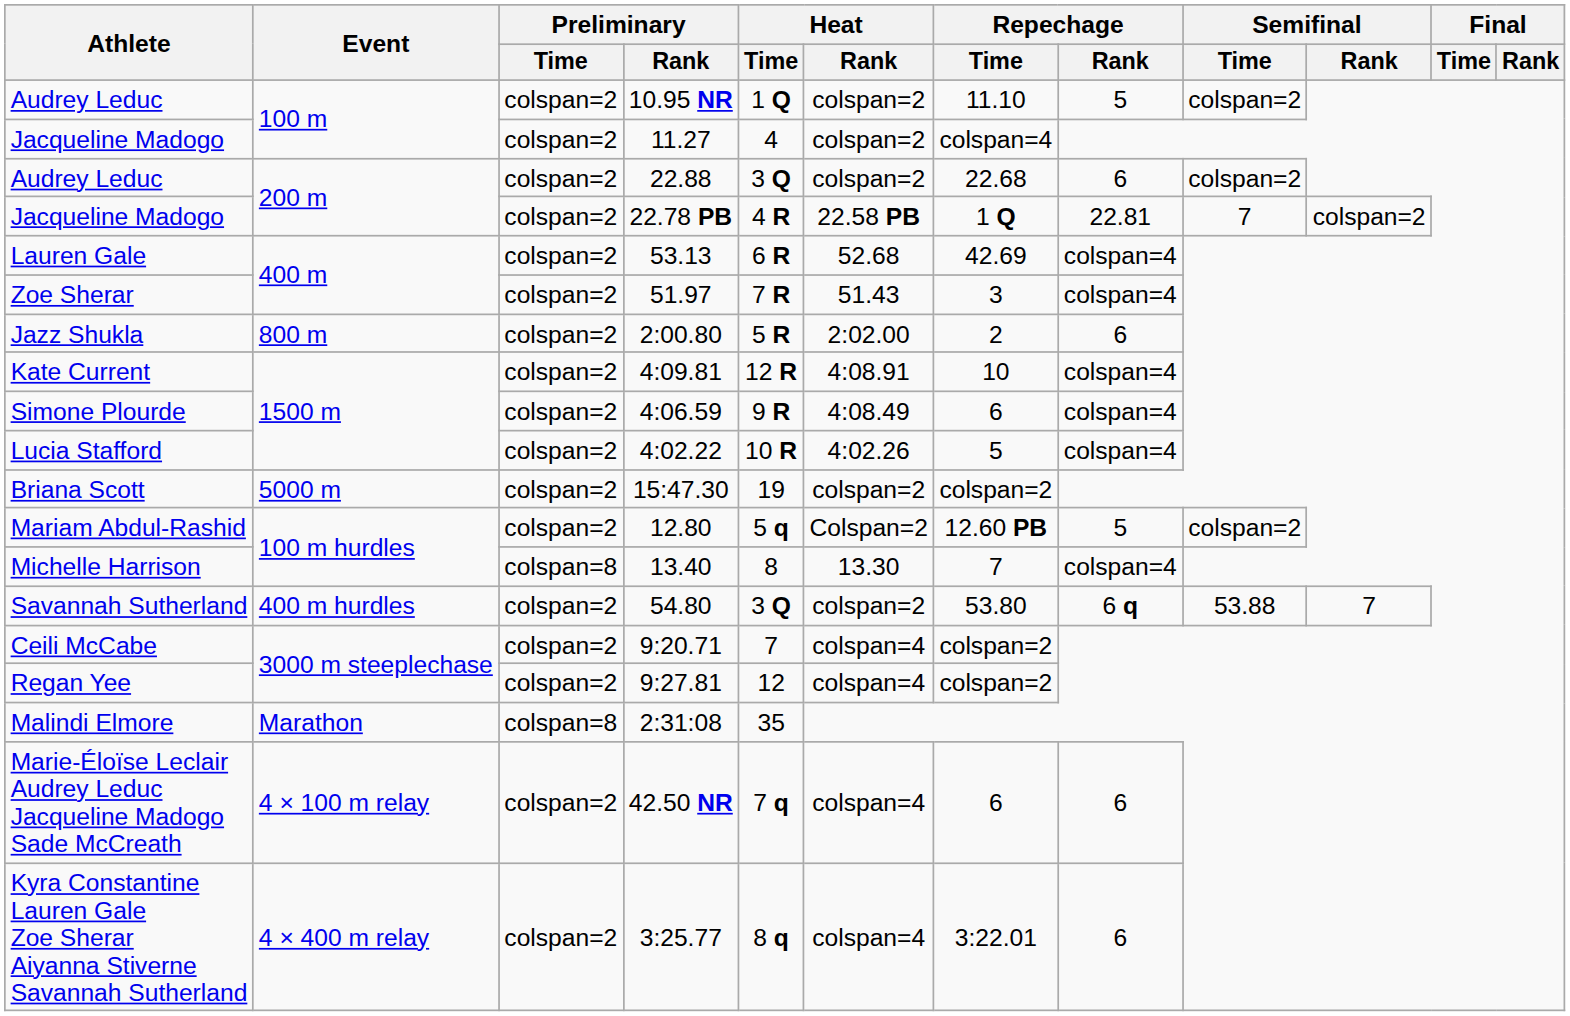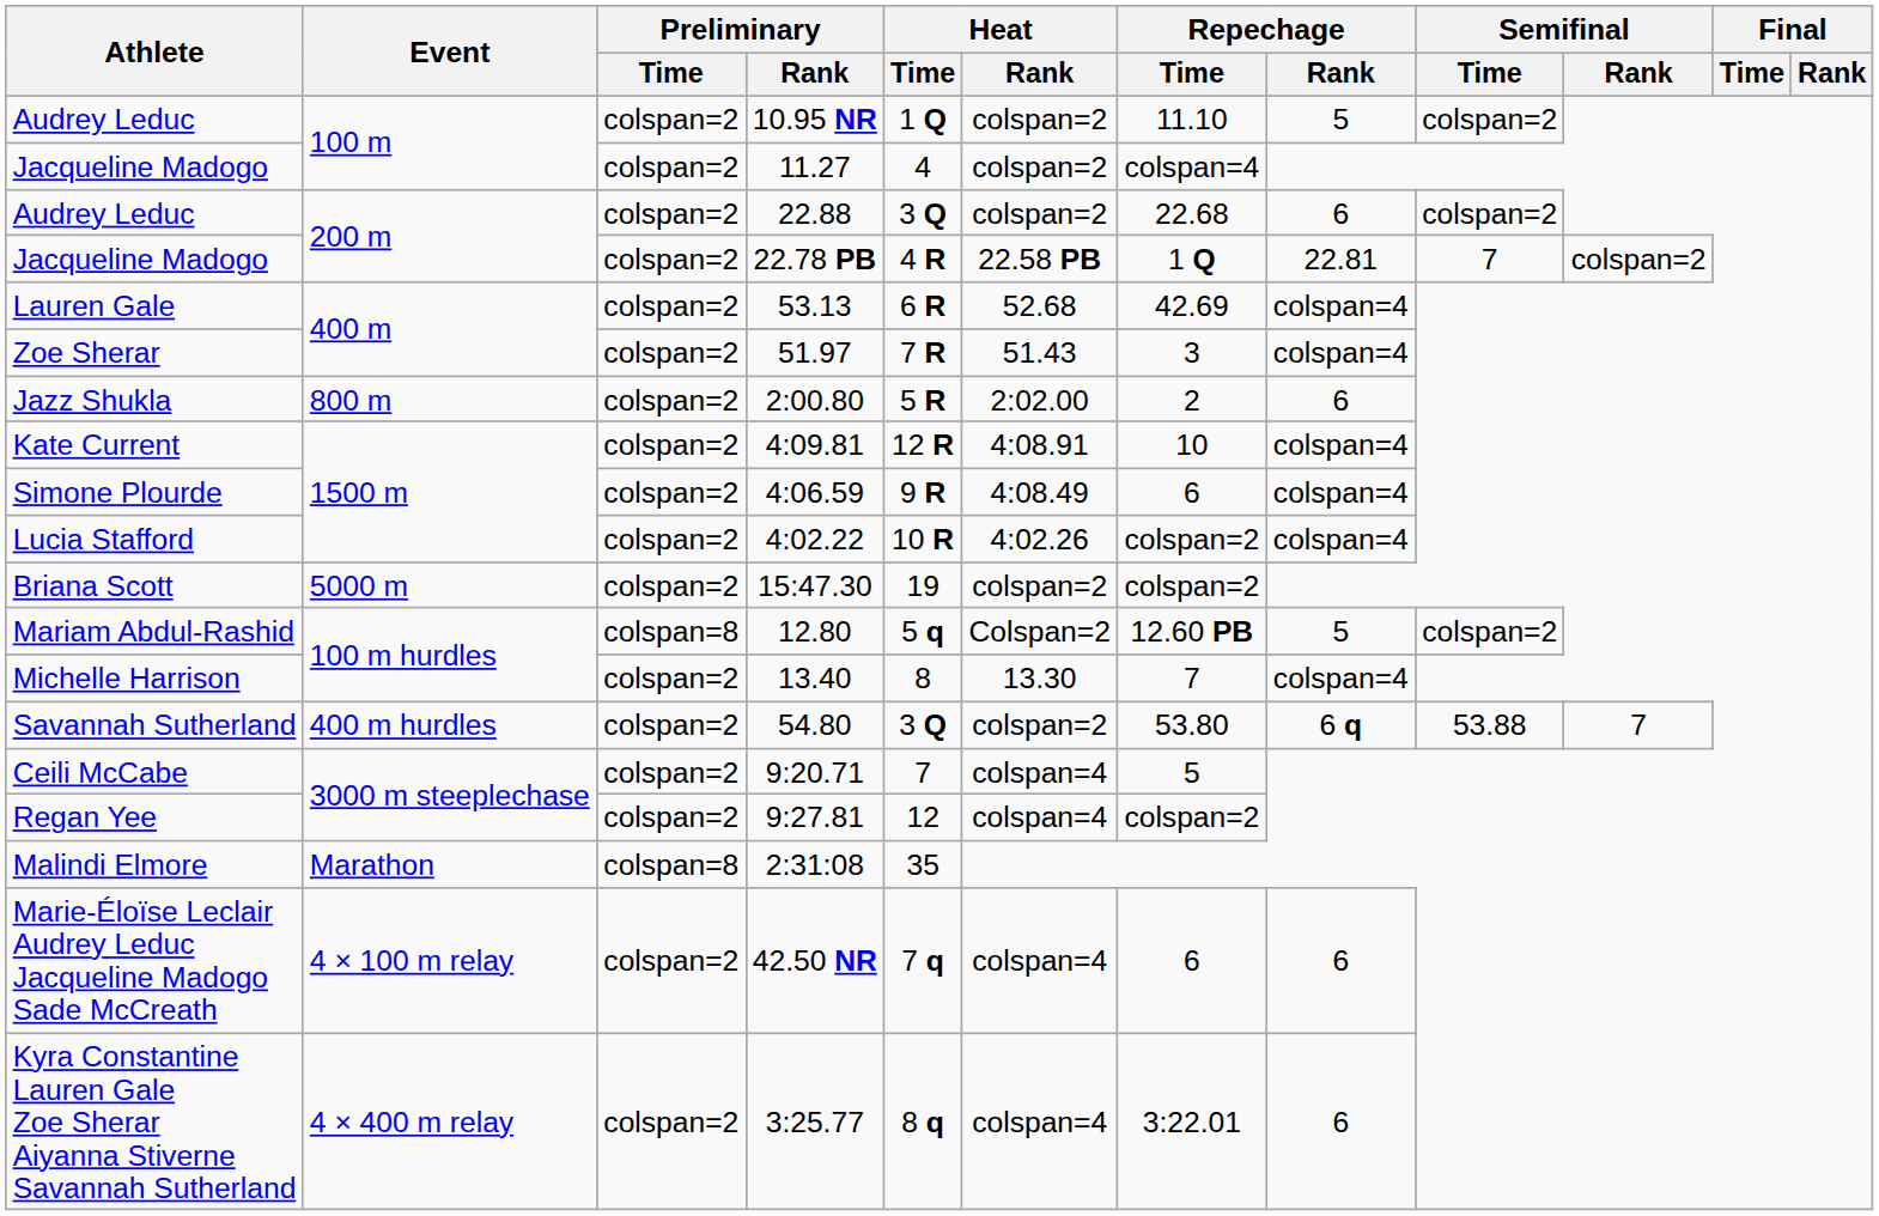 <table class=wikitable style="font-size:90%">
 <tr>
 <th rowspan=2>Athlete</th>
 <th rowspan=2>Event</th>
 <th colspan=2>Preliminary</th>
 <th colspan=2>Heat</th>
 <th colspan=2>Repechage</th>
 <th colspan=2>Semifinal</th>
 <th colspan=2>Final</th>
 </tr>
 <tr style=font-size:95%>
 <th>Time</th>
 <th>Rank</th>
 <th>Time</th>
 <th>Rank</th>
 <th>Time</th>
 <th>Rank</th>
 <th>Time</th>
 <th>Rank</th>
 <th>Time</th>
 <th>Rank</th>
 </tr>
 <tr align=center>
 <td align=left><a href='#'>Audrey Leduc</a></td>
 <td align=left rowspan=2><a href='#'>100 m</a></td>
 <td>colspan=2 </td>
 <td>10.95 <strong><a href='#'>NR</a></strong></td>
 <td>1 <strong>Q</strong></td>
 <td>colspan=2 </td>
 <td>11.10</td>
 <td>5</td>
 <td>colspan=2 </td>
 </tr>
 <tr align=center>
 <td align=left><a href='#'>Jacqueline Madogo</a></td>
 <td>colspan=2 </td>
 <td>11.27</td>
 <td>4</td>
 <td>colspan=2 </td>
 <td>colspan=4 </td>
 </tr>
 <tr align=center>
 <td align=left><a href='#'>Audrey Leduc</a></td>
 <td align=left rowspan=2><a href='#'>200 m</a></td>
 <td>colspan=2 </td>
 <td>22.88</td>
 <td>3 <strong>Q</strong></td>
 <td>colspan=2 </td>
 <td>22.68</td>
 <td>6</td>
 <td>colspan=2 </td>
 </tr>
 <tr align=center>
 <td align=left><a href='#'>Jacqueline Madogo</a></td>
 <td>colspan=2 </td>
 <td>22.78 <strong>PB</strong></td>
 <td>4 <strong>R</strong></td>
 <td>22.58 <strong>PB</strong></td>
 <td>1 <strong>Q</strong></td>
 <td>22.81</td>
 <td>7</td>
 <td>colspan=2 </td>
 </tr>
 <tr align=center>
 <td align=left><a href='#'>Lauren Gale</a></td>
 <td align=left rowspan=2><a href='#'>400 m</a></td>
 <td>colspan=2 </td>
 <td>53.13</td>
 <td>6 <strong>R</strong></td>
 <td>52.68</td>
 <td>42.69</td>
 <td>colspan=4 </td>
 </tr>
 <tr align=center>
 <td align=left><a href='#'>Zoe Sherar</a></td>
 <td>colspan=2 </td>
 <td>51.97</td>
 <td>7 <strong>R</strong></td>
 <td>51.43</td>
 <td>3</td>
 <td>colspan=4 </td>
 </tr>
 <tr align=center>
 <td align=left><a href='#'>Jazz Shukla</a></td>
 <td align=left><a href='#'>800 m</a></td>
 <td>colspan=2 </td>
 <td>2:00.80</td>
 <td>5 <strong>R</strong></td>
 <td>2:02.00</td>
 <td>2</td>
 <td>6</td>
 </tr>
 <tr align=center>
 <td align=left><a href='#'>Kate Current</a></td>
 <td align=left rowspan=3><a href='#'>1500 m</a></td>
 <td>colspan=2 </td>
 <td>4:09.81</td>
 <td>12 <strong>R</strong></td>
 <td>4:08.91</td>
 <td>10</td>
 <td>colspan=4 </td>
 </tr>
 <tr align=center>
 <td align=left><a href='#'>Simone Plourde</a></td>
 <td>colspan=2 </td>
 <td>4:06.59</td>
 <td>9 <strong>R</strong></td>
 <td>4:08.49</td>
 <td>6</td>
 <td>colspan=4 </td>
 </tr>
 <tr align=center>
 <td align=left><a href='#'>Lucia Stafford</a></td>
 <td>colspan=2 </td>
 <td>4:02.22</td>
 <td>10 <strong>R</strong></td>
 <td>4:02.26</td>
-<td>5</td>
+<td>colspan=2 </td>
 <td>colspan=4 </td>
 </tr>
 <tr align=center>
 <td align=left><a href='#'>Briana Scott</a></td>
 <td align=left><a href='#'>5000 m</a></td>
 <td>colspan=2 </td>
 <td>15:47.30</td>
 <td>19</td>
 <td>colspan=2 </td>
 <td>colspan=2 </td>
 </tr>
 <tr align=center>
 <td align=left><a href='#'>Mariam Abdul-Rashid</a></td>
 <td align=left rowspan=2><a href='#'>100 m hurdles</a></td>
-<td>colspan=2 </td>
+<td>colspan=8 </td>
 <td>12.80</td>
 <td>5 <strong>q</strong></td>
 <td>Colspan=2 </td>
 <td>12.60 <strong>PB</strong></td>
 <td>5</td>
 <td>colspan=2 </td>
 </tr>
 <tr align=center>
 <td align=left><a href='#'>Michelle Harrison</a></td>
-<td>colspan=8 </td>
+<td>colspan=2 </td>
 <td>13.40</td>
 <td>8</td>
 <td>13.30</td>
 <td>7</td>
 <td>colspan=4 </td>
 </tr>
 <tr align=center>
 <td align=left><a href='#'>Savannah Sutherland</a></td>
 <td align=left><a href='#'>400 m hurdles</a></td>
 <td>colspan=2 </td>
 <td>54.80</td>
 <td>3 <strong>Q</strong></td>
 <td>colspan=2 </td>
 <td>53.80</td>
 <td>6 <strong>q</strong></td>
 <td>53.88</td>
 <td>7</td>
 </tr>
 <tr align=center>
 <td align=left><a href='#'>Ceili McCabe</a></td>
 <td align=left rowspan=2><a href='#'>3000 m steeplechase</a></td>
 <td>colspan=2 </td>
 <td>9:20.71</td>
 <td>7</td>
 <td>colspan=4 </td>
-<td>colspan=2 </td>
+<td>5</td>
 </tr>
 <tr align=center>
 <td align=left><a href='#'>Regan Yee</a></td>
 <td>colspan=2 </td>
 <td>9:27.81</td>
 <td>12</td>
 <td>colspan=4 </td>
 <td>colspan=2 </td>
 </tr>
 <tr align=center>
 <td align=left><a href='#'>Malindi Elmore</a></td>
 <td align=left><a href='#'>Marathon</a></td>
 <td>colspan=8 </td>
 <td>2:31:08</td>
 <td>35</td>
 </tr>
 <tr align=center>
 <td align=left><a href='#'>Marie-Éloïse Leclair</a><br><a href='#'>Audrey Leduc</a><br><a href='#'>Jacqueline Madogo</a><br><a href='#'>Sade McCreath</a></td>
 <td align=left><a href='#'>4 × 100 m relay</a></td>
 <td>colspan=2 </td>
 <td>42.50 <strong><a href='#'>NR</a></strong></td>
 <td>7 <strong>q</strong></td>
 <td>colspan=4 </td>
 <td>6</td>
 <td>6</td>
 </tr>
 <tr align=center>
 <td align=left><a href='#'>Kyra Constantine</a><br><a href='#'>Lauren Gale</a><br><a href='#'>Zoe Sherar</a><br><a href='#'>Aiyanna Stiverne</a><br><a href='#'>Savannah Sutherland</a></td>
 <td align=left><a href='#'>4 × 400 m relay</a></td>
 <td>colspan=2 </td>
 <td>3:25.77</td>
 <td>8 <strong>q</strong></td>
 <td>colspan=4 </td>
 <td>3:22.01 <strong></strong></td>
 <td>6</td>
 </tr>
 </table>
